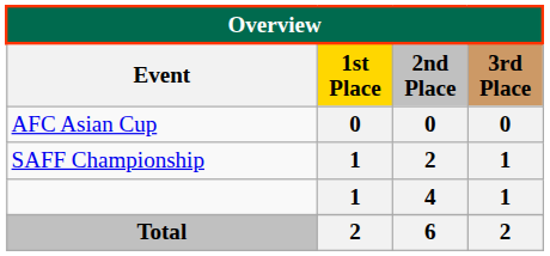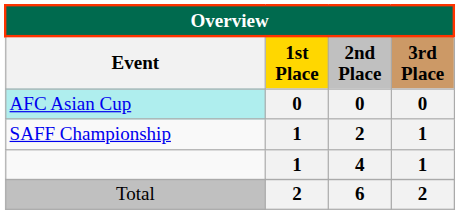 <table class="wikitable" style="width:30%;text-align:center">
 <tr>
 <th colspan="5" style="background: #006a4e;border: 2px solid #ff3300;color: #FFFFFF;">Overview</th>
 </tr>
 <tr>
 <th>Event</th>
 <th style="width:14%;background:gold">1st Place</th>
 <th style="width:14%;background:silver">2nd Place</th>
 <th style="width:14%;background:#c96">3rd Place</th>
 </tr>
 <tr>
-<td align=left><a href='#'>AFC Asian Cup</a></td>
+<td align=left style="background: paleturquoise;"><a href='#'>AFC Asian Cup</a></td>
 <th>0</th>
 <th>0</th>
 <th>0</th>
 </tr>
 <tr>
 <td align=left><a href='#'>SAFF Championship</a></td>
 <th>1</th>
 <th>2</th>
 <th>1</th>
 </tr>
 <tr>
 <td align=left></td>
 <th>1</th>
 <th>4</th>
 <th>1</th>
 </tr>
 <tr>
 </tr>
 <tr>
 </tr>
 <tr style="background:silver">
-<td><strong>Total</strong></td>
+<td>Total</td>
 <th>2</th>
 <th>6</th>
 <th>2</th>
 </tr>
 </table>
